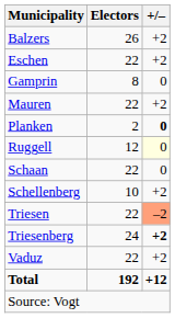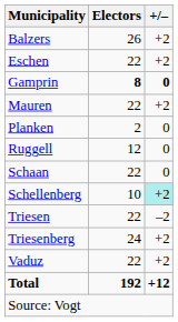 <table class="wikitable">
 <tr>
 <th>Municipality</th>
 <th>Electors</th>
 <th>+/–</th>
 </tr>
 <tr>
 <td><a href='#'>Balzers</a></td>
 <td style="text-align: right;">26</td>
 <td align="right">+2</td>
 </tr>
 <tr>
 <td><a href='#'>Eschen</a></td>
 <td style="text-align: right;">22</td>
 <td align="right">+2</td>
 </tr>
 <tr>
 <td><a href='#'>Gamprin</a></td>
-<td style="text-align: right;">8</td>
-<td align="right">0</td>
+<td style="text-align: right;"><strong>8</strong></td>
+<td align="right"><strong>0</strong></td>
 </tr>
 <tr>
 <td><a href='#'>Mauren</a></td>
 <td style="text-align: right;">22</td>
 <td align="right">+2</td>
 </tr>
 <tr>
 <td><a href='#'>Planken</a></td>
 <td style="text-align: right;">2</td>
-<td align="right"><strong>0</strong></td>
+<td align="right">0</td>
 </tr>
 <tr>
 <td><a href='#'>Ruggell</a></td>
 <td style="text-align: right;">12</td>
-<td align="right" style="background: lightyellow;">0</td>
+<td align="right">0</td>
 </tr>
 <tr>
 <td><a href='#'>Schaan</a></td>
 <td style="text-align: right;">22</td>
 <td align="right">0</td>
 </tr>
 <tr>
 <td><a href='#'>Schellenberg</a></td>
 <td style="text-align: right;">10</td>
-<td align="right">+2</td>
+<td align="right" style="background: paleturquoise;">+2</td>
 </tr>
 <tr>
 <td><a href='#'>Triesen</a></td>
 <td style="text-align: right;">22</td>
-<td align="right" style="background: lightsalmon;">–2</td>
+<td align="right">–2</td>
 </tr>
 <tr>
 <td><a href='#'>Triesenberg</a></td>
 <td style="text-align: right;">24</td>
-<td align="right"><strong>+2</strong></td>
+<td align="right">+2</td>
 </tr>
 <tr>
 <td><a href='#'>Vaduz</a></td>
 <td style="text-align: right;">22</td>
 <td align="right">+2</td>
 </tr>
 <tr>
 <td><strong>Total</strong></td>
 <td align="right"><strong>192</strong></td>
 <td align="right"><strong>+12</strong></td>
 </tr>
 <tr>
 <td colspan="3">Source: Vogt</td>
 </tr>
 </table>
